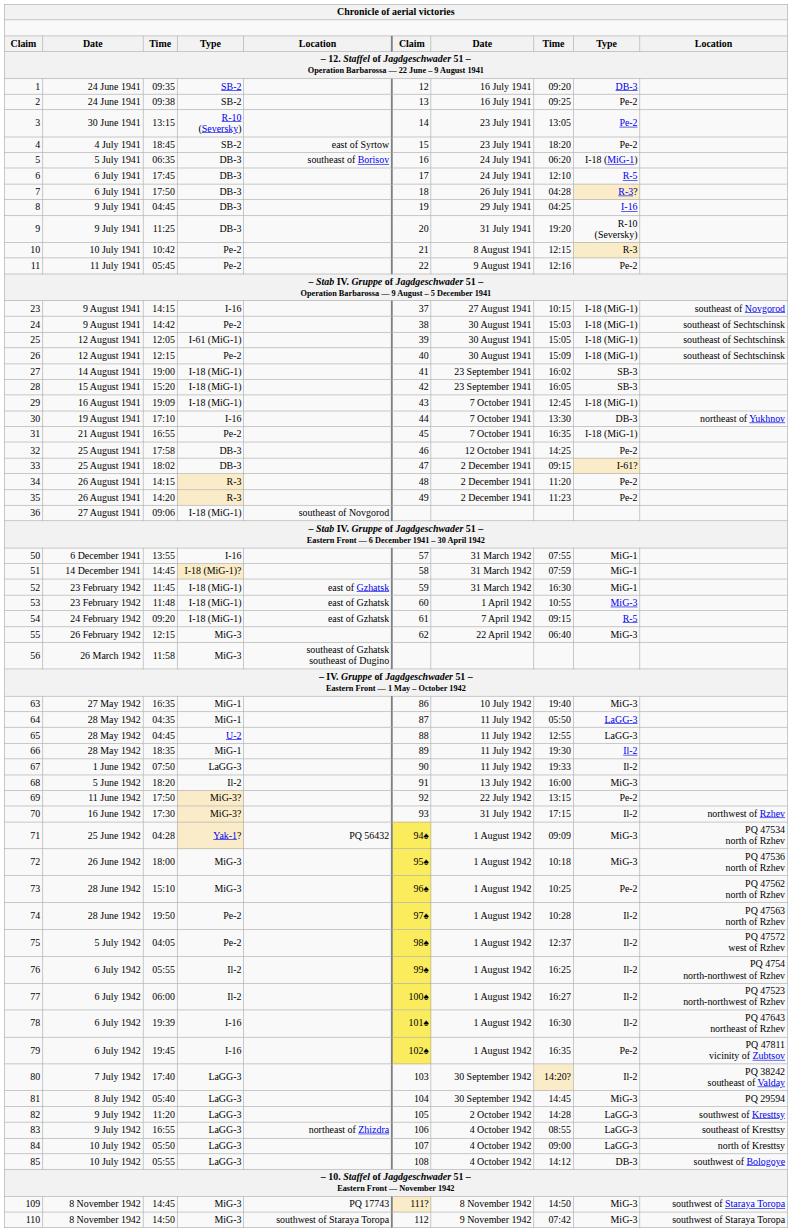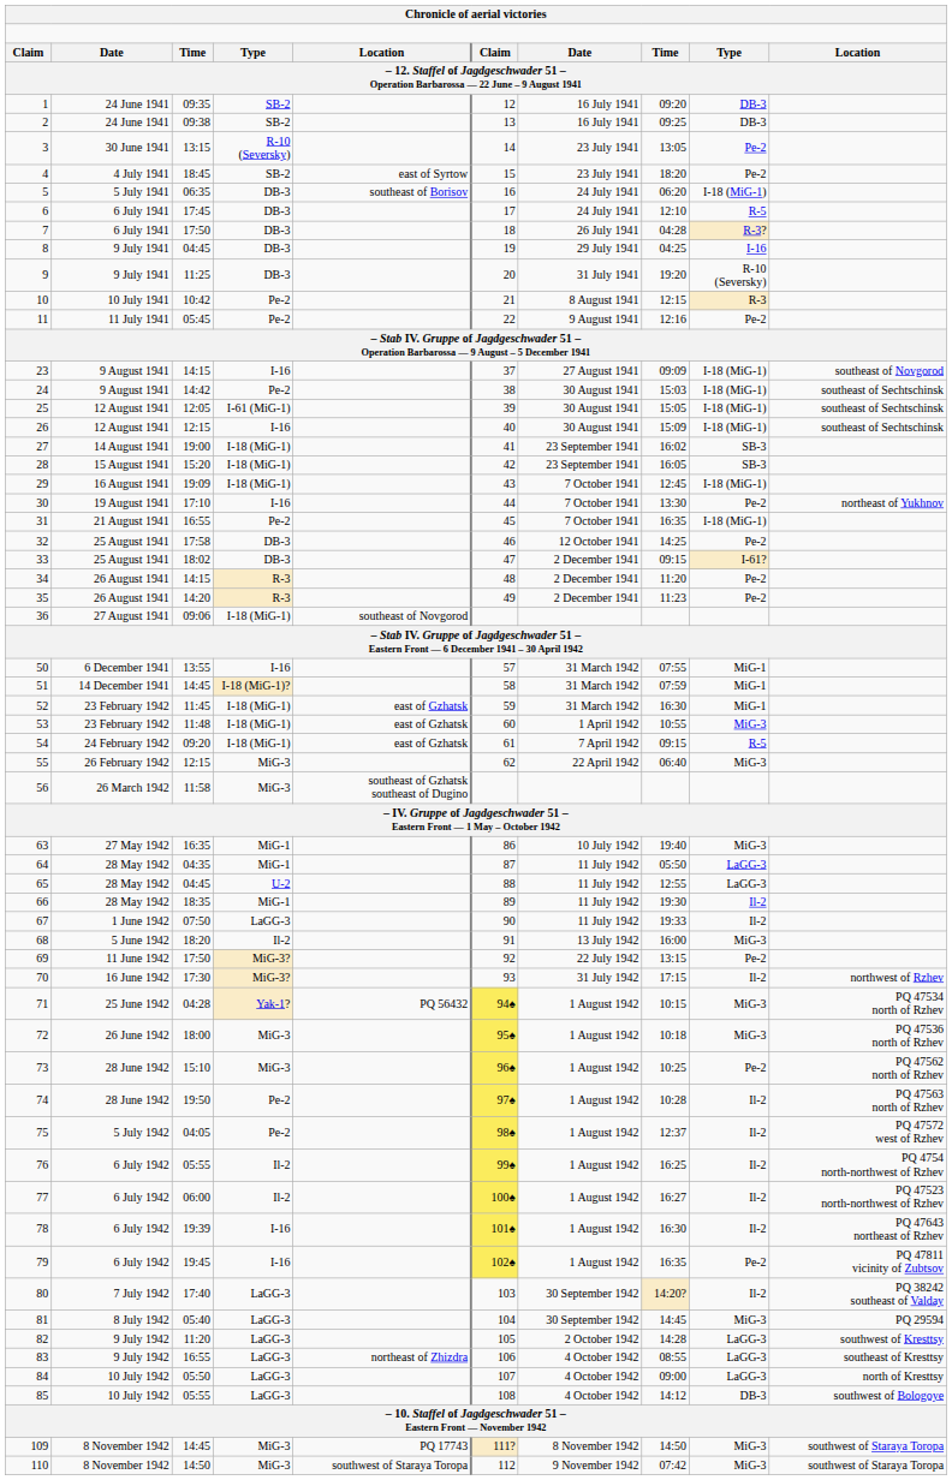 <table class="wikitable plainrowheaders collapsible" style="margin-left: auto; margin-right: auto; border: none; text-align:right; width: 100%;">
 <tr>
 <th colspan="10">Chronicle of aerial victories</th>
 </tr>
 <tr>
 <td colspan="10" style="text-align: left;"><br> </td>
 </tr>
 <tr>
 <th scope="col">Claim</th>
 <th scope="col">Date</th>
 <th scope="col">Time</th>
 <th scope="col" width="100px">Type</th>
 <th scope="col">Location</th>
 <th scope="col" style="border-left: 3px solid grey;">Claim</th>
 <th scope="col">Date</th>
 <th scope="col">Time</th>
 <th scope="col" width="100px">Type</th>
 <th scope="col">Location</th>
 </tr>
 <tr>
 <th colspan="10">– 12. <em>Staffel</em> of <em>Jagdgeschwader</em> 51 –<br><small>Operation Barbarossa — 22 June – 9 August 1941</small></th>
 </tr>
 <tr>
 <td>1</td>
 <td>24 June 1941</td>
 <td>09:35</td>
 <td><a href='#'>SB-2</a></td>
 <td></td>
 <td style="border-left: 3px solid gray;">12</td>
 <td>16 July 1941</td>
 <td>09:20</td>
 <td><a href='#'>DB-3</a></td>
 <td></td>
 </tr>
 <tr>
 <td>2</td>
 <td>24 June 1941</td>
 <td>09:38</td>
 <td>SB-2</td>
 <td></td>
 <td style="border-left: 3px solid gray;">13</td>
 <td>16 July 1941</td>
 <td>09:25</td>
-<td>Pe-2</td>
+<td>DB-3</td>
 <td></td>
 </tr>
 <tr>
 <td>3</td>
 <td>30 June 1941</td>
 <td>13:15</td>
 <td><a href='#'>R-10</a> (<a href='#'>Seversky</a>)</td>
 <td></td>
 <td style="border-left: 3px solid gray;">14</td>
 <td>23 July 1941</td>
 <td>13:05</td>
 <td><a href='#'>Pe-2</a></td>
 <td></td>
 </tr>
 <tr>
 <td>4</td>
 <td>4 July 1941</td>
 <td>18:45</td>
 <td>SB-2</td>
 <td> east of Syrtow</td>
 <td style="border-left: 3px solid gray;">15</td>
 <td>23 July 1941</td>
 <td>18:20</td>
 <td>Pe-2</td>
 <td></td>
 </tr>
 <tr>
 <td>5</td>
 <td>5 July 1941</td>
 <td>06:35</td>
 <td>DB-3</td>
 <td> southeast of <a href='#'>Borisov</a></td>
 <td style="border-left: 3px solid gray;">16</td>
 <td>24 July 1941</td>
 <td>06:20</td>
 <td>I-18 (<a href='#'>MiG-1</a>)</td>
 <td></td>
 </tr>
 <tr>
 <td>6</td>
 <td>6 July 1941</td>
 <td>17:45</td>
 <td>DB-3</td>
 <td></td>
 <td style="border-left: 3px solid gray;">17</td>
 <td>24 July 1941</td>
 <td>12:10</td>
 <td><a href='#'>R-5</a></td>
 <td></td>
 </tr>
 <tr>
 <td>7</td>
 <td>6 July 1941</td>
 <td>17:50</td>
 <td>DB-3</td>
 <td></td>
 <td style="border-left: 3px solid gray;">18</td>
 <td>26 July 1941</td>
 <td>04:28</td>
 <td style="background:#faecc8"><a href='#'>R-3</a>?</td>
 <td></td>
 </tr>
 <tr>
 <td>8</td>
 <td>9 July 1941</td>
 <td>04:45</td>
 <td>DB-3</td>
 <td></td>
 <td style="border-left: 3px solid gray;">19</td>
 <td>29 July 1941</td>
 <td>04:25</td>
 <td><a href='#'>I-16</a></td>
 <td></td>
 </tr>
 <tr>
 <td>9</td>
 <td>9 July 1941</td>
 <td>11:25</td>
 <td>DB-3</td>
 <td></td>
 <td style="border-left: 3px solid gray;">20</td>
 <td>31 July 1941</td>
 <td>19:20</td>
 <td>R-10 (Seversky)</td>
 <td></td>
 </tr>
 <tr>
 <td>10</td>
 <td>10 July 1941</td>
 <td>10:42</td>
 <td>Pe-2</td>
 <td></td>
 <td style="border-left: 3px solid gray;">21</td>
 <td>8 August 1941</td>
 <td>12:15</td>
 <td style="background:#faecc8">R-3</td>
 <td></td>
 </tr>
 <tr>
 <td>11</td>
 <td>11 July 1941</td>
 <td>05:45</td>
 <td>Pe-2</td>
 <td></td>
 <td style="border-left: 3px solid gray;">22</td>
 <td>9 August 1941</td>
 <td>12:16</td>
 <td>Pe-2</td>
 <td></td>
 </tr>
 <tr>
 <th colspan="10">– <em>Stab</em> IV. <em>Gruppe</em> of <em>Jagdgeschwader</em> 51 –<br><small>Operation Barbarossa — 9 August – 5 December 1941</small></th>
 </tr>
 <tr>
 <td>23</td>
 <td>9 August 1941</td>
 <td>14:15</td>
 <td>I-16</td>
 <td></td>
 <td style="border-left: 3px solid grey;">37</td>
 <td>27 August 1941</td>
-<td>10:15</td>
+<td>09:09</td>
 <td>I-18 (MiG-1)</td>
 <td>southeast of <a href='#'>Novgorod</a></td>
 </tr>
 <tr>
 <td>24</td>
 <td>9 August 1941</td>
 <td>14:42</td>
 <td>Pe-2</td>
 <td></td>
 <td style="border-left: 3px solid grey;">38</td>
 <td>30 August 1941</td>
 <td>15:03</td>
 <td>I-18 (MiG-1)</td>
 <td> southeast of Sechtschinsk</td>
 </tr>
 <tr>
 <td>25</td>
 <td>12 August 1941</td>
 <td>12:05</td>
 <td>I-61 (MiG-1)</td>
 <td></td>
 <td style="border-left: 3px solid grey;">39</td>
 <td>30 August 1941</td>
 <td>15:05</td>
 <td>I-18 (MiG-1)</td>
 <td> southeast of Sechtschinsk</td>
 </tr>
 <tr>
 <td>26</td>
 <td>12 August 1941</td>
 <td>12:15</td>
-<td>Pe-2</td>
+<td>I-16</td>
 <td></td>
 <td style="border-left: 3px solid grey;">40</td>
 <td>30 August 1941</td>
 <td>15:09</td>
 <td>I-18 (MiG-1)</td>
 <td> southeast of Sechtschinsk</td>
 </tr>
 <tr>
 <td>27</td>
 <td>14 August 1941</td>
 <td>19:00</td>
 <td>I-18 (MiG-1)</td>
 <td></td>
 <td style="border-left: 3px solid grey;">41</td>
 <td>23 September 1941</td>
 <td>16:02</td>
 <td>SB-3</td>
 <td></td>
 </tr>
 <tr>
 <td>28</td>
 <td>15 August 1941</td>
 <td>15:20</td>
 <td>I-18 (MiG-1)</td>
 <td></td>
 <td style="border-left: 3px solid grey;">42</td>
 <td>23 September 1941</td>
 <td>16:05</td>
 <td>SB-3</td>
 <td></td>
 </tr>
 <tr>
 <td>29</td>
 <td>16 August 1941</td>
 <td>19:09</td>
 <td>I-18 (MiG-1)</td>
 <td></td>
 <td style="border-left: 3px solid grey;">43</td>
 <td>7 October 1941</td>
 <td>12:45</td>
 <td>I-18 (MiG-1)</td>
 <td></td>
 </tr>
 <tr>
 <td>30</td>
 <td>19 August 1941</td>
 <td>17:10</td>
 <td>I-16</td>
 <td></td>
 <td style="border-left: 3px solid grey;">44</td>
 <td>7 October 1941</td>
 <td>13:30</td>
-<td>DB-3</td>
+<td>Pe-2</td>
 <td>northeast of <a href='#'>Yukhnov</a></td>
 </tr>
 <tr>
 <td>31</td>
 <td>21 August 1941</td>
 <td>16:55</td>
 <td>Pe-2</td>
 <td></td>
 <td style="border-left: 3px solid grey;">45</td>
 <td>7 October 1941</td>
 <td>16:35</td>
 <td>I-18 (MiG-1)</td>
 <td></td>
 </tr>
 <tr>
 <td>32</td>
 <td>25 August 1941</td>
 <td>17:58</td>
 <td>DB-3</td>
 <td></td>
 <td style="border-left: 3px solid grey;">46</td>
 <td>12 October 1941</td>
 <td>14:25</td>
 <td>Pe-2</td>
 <td></td>
 </tr>
 <tr>
 <td>33</td>
 <td>25 August 1941</td>
 <td>18:02</td>
 <td>DB-3</td>
 <td></td>
 <td style="border-left: 3px solid grey;">47</td>
 <td>2 December 1941</td>
 <td>09:15</td>
 <td style="background:#faecc8">I-61?</td>
 <td></td>
 </tr>
 <tr>
 <td>34</td>
 <td>26 August 1941</td>
 <td>14:15</td>
 <td style="background:#faecc8">R-3</td>
 <td></td>
 <td style="border-left: 3px solid grey;">48</td>
 <td>2 December 1941</td>
 <td>11:20</td>
 <td>Pe-2</td>
 <td></td>
 </tr>
 <tr>
 <td>35</td>
 <td>26 August 1941</td>
 <td>14:20</td>
 <td style="background:#faecc8">R-3</td>
 <td></td>
 <td style="border-left: 3px solid grey;">49</td>
 <td>2 December 1941</td>
 <td>11:23</td>
 <td>Pe-2</td>
 <td></td>
 </tr>
 <tr>
 <td>36</td>
 <td>27 August 1941</td>
 <td>09:06</td>
 <td>I-18 (MiG-1)</td>
 <td>southeast of Novgorod</td>
 <td style="border-left: 3px solid grey;"></td>
 <td></td>
 <td></td>
 <td></td>
 <td></td>
 </tr>
 <tr>
 <th colspan="10">– <em>Stab</em> IV. <em>Gruppe</em> of <em>Jagdgeschwader</em> 51 –<br><small>Eastern Front — 6 December 1941 – 30 April 1942</small></th>
 </tr>
 <tr>
 <td>50</td>
 <td>6 December 1941</td>
 <td>13:55</td>
 <td>I-16</td>
 <td></td>
 <td style="border-left: 3px solid grey;">57</td>
 <td>31 March 1942</td>
 <td>07:55</td>
 <td>MiG-1</td>
 <td></td>
 </tr>
 <tr>
 <td>51</td>
 <td>14 December 1941</td>
 <td>14:45</td>
 <td style="background:#faecc8">I-18 (MiG-1)?</td>
 <td></td>
 <td style="border-left: 3px solid grey;">58</td>
 <td>31 March 1942</td>
 <td>07:59</td>
 <td>MiG-1</td>
 <td></td>
 </tr>
 <tr>
 <td>52</td>
 <td>23 February 1942</td>
 <td>11:45</td>
 <td>I-18 (MiG-1)</td>
 <td> east of <a href='#'>Gzhatsk</a></td>
 <td style="border-left: 3px solid grey;">59</td>
 <td>31 March 1942</td>
 <td>16:30</td>
 <td>MiG-1</td>
 <td></td>
 </tr>
 <tr>
 <td>53</td>
 <td>23 February 1942</td>
 <td>11:48</td>
 <td>I-18 (MiG-1)</td>
 <td> east of Gzhatsk</td>
 <td style="border-left: 3px solid grey;">60</td>
 <td>1 April 1942</td>
 <td>10:55</td>
 <td><a href='#'>MiG-3</a></td>
 <td></td>
 </tr>
 <tr>
 <td>54</td>
 <td>24 February 1942</td>
 <td>09:20</td>
 <td>I-18 (MiG-1)</td>
 <td> east of Gzhatsk</td>
 <td style="border-left: 3px solid grey;">61</td>
 <td>7 April 1942</td>
 <td>09:15</td>
 <td><a href='#'>R-5</a></td>
 <td></td>
 </tr>
 <tr>
 <td>55</td>
 <td>26 February 1942</td>
 <td>12:15</td>
 <td>MiG-3</td>
 <td></td>
 <td style="border-left: 3px solid grey;">62</td>
 <td>22 April 1942</td>
 <td>06:40</td>
 <td>MiG-3</td>
 <td></td>
 </tr>
 <tr>
 <td>56</td>
 <td>26 March 1942</td>
 <td>11:58</td>
 <td>MiG-3</td>
 <td>southeast of Gzhatsk<br>southeast of Dugino</td>
 <td style="border-left: 3px solid grey;"></td>
 <td></td>
 <td></td>
 <td></td>
 <td></td>
 </tr>
 <tr>
 <th colspan="10">– IV. <em>Gruppe</em> of <em>Jagdgeschwader</em> 51 –<br><small>Eastern Front — 1 May – October 1942</small></th>
 </tr>
 <tr>
 <td>63</td>
 <td>27 May 1942</td>
 <td>16:35</td>
 <td>MiG-1</td>
 <td></td>
 <td style="border-left: 3px solid grey;">86</td>
 <td>10 July 1942</td>
 <td>19:40</td>
 <td>MiG-3</td>
 <td></td>
 </tr>
 <tr>
 <td>64</td>
 <td>28 May 1942</td>
 <td>04:35</td>
 <td>MiG-1</td>
 <td></td>
 <td style="border-left: 3px solid grey;">87</td>
 <td>11 July 1942</td>
 <td>05:50</td>
 <td><a href='#'>LaGG-3</a></td>
 <td></td>
 </tr>
 <tr>
 <td>65</td>
 <td>28 May 1942</td>
 <td>04:45</td>
 <td><a href='#'>U-2</a></td>
 <td></td>
 <td style="border-left: 3px solid grey;">88</td>
 <td>11 July 1942</td>
 <td>12:55</td>
 <td>LaGG-3</td>
 <td></td>
 </tr>
 <tr>
 <td>66</td>
 <td>28 May 1942</td>
 <td>18:35</td>
 <td>MiG-1</td>
 <td></td>
 <td style="border-left: 3px solid grey;">89</td>
 <td>11 July 1942</td>
 <td>19:30</td>
 <td><a href='#'>Il-2</a></td>
 <td></td>
 </tr>
 <tr>
 <td>67</td>
 <td>1 June 1942</td>
 <td>07:50</td>
 <td>LaGG-3</td>
 <td></td>
 <td style="border-left: 3px solid grey;">90</td>
 <td>11 July 1942</td>
 <td>19:33</td>
 <td>Il-2</td>
 <td></td>
 </tr>
 <tr>
 <td>68</td>
 <td>5 June 1942</td>
 <td>18:20</td>
 <td>Il-2</td>
 <td></td>
 <td style="border-left: 3px solid grey;">91</td>
 <td>13 July 1942</td>
 <td>16:00</td>
 <td>MiG-3</td>
 <td></td>
 </tr>
 <tr>
 <td>69</td>
 <td>11 June 1942</td>
 <td>17:50</td>
 <td style="background:#faecc8">MiG-3?</td>
 <td></td>
 <td style="border-left: 3px solid grey;">92</td>
 <td>22 July 1942</td>
 <td>13:15</td>
 <td>Pe-2</td>
 <td></td>
 </tr>
 <tr>
 <td>70</td>
 <td>16 June 1942</td>
 <td>17:30</td>
 <td style="background:#faecc8">MiG-3?</td>
 <td></td>
 <td style="border-left: 3px solid grey;">93</td>
 <td>31 July 1942</td>
 <td>17:15</td>
 <td>Il-2</td>
 <td> northwest of <a href='#'>Rzhev</a></td>
 </tr>
 <tr>
 <td>71</td>
 <td>25 June 1942</td>
 <td>04:28</td>
 <td style="background:#faecc8"><a href='#'>Yak-1</a>?</td>
 <td>PQ 56432</td>
 <td style="border-left: 3px solid grey; background:#fbec5d;">94♠</td>
 <td>1 August 1942</td>
-<td>09:09</td>
+<td>10:15</td>
 <td>MiG-3</td>
 <td>PQ 47534<br> north of Rzhev</td>
 </tr>
 <tr>
 <td>72</td>
 <td>26 June 1942</td>
 <td>18:00</td>
 <td>MiG-3</td>
 <td></td>
 <td style="border-left: 3px solid grey; background:#fbec5d;">95♠</td>
 <td>1 August 1942</td>
 <td>10:18</td>
 <td>MiG-3</td>
 <td>PQ 47536<br> north of Rzhev</td>
 </tr>
 <tr>
 <td>73</td>
 <td>28 June 1942</td>
 <td>15:10</td>
 <td>MiG-3</td>
 <td></td>
 <td style="border-left: 3px solid grey; background:#fbec5d;">96♠</td>
 <td>1 August 1942</td>
 <td>10:25</td>
 <td>Pe-2</td>
 <td>PQ 47562<br> north of Rzhev</td>
 </tr>
 <tr>
 <td>74</td>
 <td>28 June 1942</td>
 <td>19:50</td>
 <td>Pe-2</td>
 <td></td>
 <td style="border-left: 3px solid grey; background:#fbec5d;">97♠</td>
 <td>1 August 1942</td>
 <td>10:28</td>
 <td>Il-2</td>
 <td>PQ 47563<br> north of Rzhev</td>
 </tr>
 <tr>
 <td>75</td>
 <td>5 July 1942</td>
 <td>04:05</td>
 <td>Pe-2</td>
 <td></td>
 <td style="border-left: 3px solid grey; background:#fbec5d;">98♠</td>
 <td>1 August 1942</td>
 <td>12:37</td>
 <td>Il-2</td>
 <td>PQ 47572<br> west of Rzhev</td>
 </tr>
 <tr>
 <td>76</td>
 <td>6 July 1942</td>
 <td>05:55</td>
 <td>Il-2</td>
 <td></td>
 <td style="border-left: 3px solid grey; background:#fbec5d;">99♠</td>
 <td>1 August 1942</td>
 <td>16:25</td>
 <td>Il-2</td>
 <td>PQ 4754<br> north-northwest of Rzhev</td>
 </tr>
 <tr>
 <td>77</td>
 <td>6 July 1942</td>
 <td>06:00</td>
 <td>Il-2</td>
 <td></td>
 <td style="border-left: 3px solid grey; background:#fbec5d;">100♠</td>
 <td>1 August 1942</td>
 <td>16:27</td>
 <td>Il-2</td>
 <td>PQ 47523<br> north-northwest of Rzhev</td>
 </tr>
 <tr>
 <td>78</td>
 <td>6 July 1942</td>
 <td>19:39</td>
 <td>I-16</td>
 <td></td>
 <td style="border-left: 3px solid grey; background:#fbec5d;">101♠</td>
 <td>1 August 1942</td>
 <td>16:30</td>
 <td>Il-2</td>
 <td>PQ 47643<br> northeast of Rzhev</td>
 </tr>
 <tr>
 <td>79</td>
 <td>6 July 1942</td>
 <td>19:45</td>
 <td>I-16</td>
 <td></td>
 <td style="border-left: 3px solid grey; background:#fbec5d;">102♠</td>
 <td>1 August 1942</td>
 <td>16:35</td>
 <td>Pe-2</td>
 <td>PQ 47811<br>vicinity of <a href='#'>Zubtsov</a></td>
 </tr>
 <tr>
 <td>80</td>
 <td>7 July 1942</td>
 <td>17:40</td>
 <td>LaGG-3</td>
 <td></td>
 <td style="border-left: 3px solid grey;">103</td>
 <td>30 September 1942</td>
 <td style="background:#faecc8">14:20?</td>
 <td>Il-2</td>
 <td>PQ 38242<br> southeast of <a href='#'>Valday</a></td>
 </tr>
 <tr>
 <td>81</td>
 <td>8 July 1942</td>
 <td>05:40</td>
 <td>LaGG-3</td>
 <td></td>
 <td style="border-left: 3px solid grey;">104</td>
 <td>30 September 1942</td>
 <td>14:45</td>
 <td>MiG-3</td>
 <td>PQ 29594</td>
 </tr>
 <tr>
 <td>82</td>
 <td>9 July 1942</td>
 <td>11:20</td>
 <td>LaGG-3</td>
 <td></td>
 <td style="border-left: 3px solid grey;">105</td>
 <td>2 October 1942</td>
 <td>14:28</td>
 <td>LaGG-3</td>
 <td> southwest of <a href='#'>Kresttsy</a></td>
 </tr>
 <tr>
 <td>83</td>
 <td>9 July 1942</td>
 <td>16:55</td>
 <td>LaGG-3</td>
 <td> northeast of <a href='#'>Zhizdra</a></td>
 <td style="border-left: 3px solid grey;">106</td>
 <td>4 October 1942</td>
 <td>08:55</td>
 <td>LaGG-3</td>
 <td> southeast of Kresttsy</td>
 </tr>
 <tr>
 <td>84</td>
 <td>10 July 1942</td>
 <td>05:50</td>
 <td>LaGG-3</td>
 <td></td>
 <td style="border-left: 3px solid grey;">107</td>
 <td>4 October 1942</td>
 <td>09:00</td>
 <td>LaGG-3</td>
 <td> north of Kresttsy</td>
 </tr>
 <tr>
 <td>85</td>
 <td>10 July 1942</td>
 <td>05:55</td>
 <td>LaGG-3</td>
 <td></td>
 <td style="border-left: 3px solid grey;">108</td>
 <td>4 October 1942</td>
 <td>14:12</td>
 <td>DB-3</td>
 <td> southwest of <a href='#'>Bologoye</a></td>
 </tr>
 <tr>
 <th colspan="10">– 10. <em>Staffel</em> of <em>Jagdgeschwader</em> 51 –<br><small>Eastern Front — November 1942</small></th>
 </tr>
 <tr>
 <td>109</td>
 <td>8 November 1942</td>
 <td>14:45</td>
 <td>MiG-3</td>
 <td>PQ 17743</td>
 <td style="border-left: 3px solid grey; background:#faecc8">111?</td>
 <td>8 November 1942</td>
 <td>14:50</td>
 <td>MiG-3</td>
 <td> southwest of <a href='#'>Staraya Toropa</a></td>
 </tr>
 <tr>
 <td>110</td>
 <td>8 November 1942</td>
 <td>14:50</td>
 <td>MiG-3</td>
 <td> southwest of Staraya Toropa</td>
 <td style="border-left: 3px solid grey;">112</td>
 <td>9 November 1942</td>
 <td>07:42</td>
 <td>MiG-3</td>
 <td> southwest of Staraya Toropa</td>
 </tr>
 </table>
